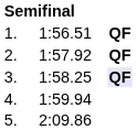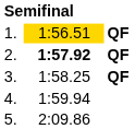 <table style="text-align:center">
 <tr>
 <td colspan=4 align=left><strong>Semifinal</strong></td>
 </tr>
 <tr>
 <td width-30>1.</td>
 <td align=left></td>
-<td width=80>1:56.51</td>
+<td width=80 style="background: gold;">1:56.51</td>
 <td><strong>QF</strong></td>
 </tr>
 <tr>
 <td>2.</td>
 <td align=left></td>
-<td>1:57.92</td>
+<td><strong>1:57.92</strong></td>
 <td><strong>QF</strong></td>
 </tr>
 <tr>
 <td>3.</td>
 <td align=left></td>
 <td>1:58.25</td>
-<td style="background: lavender;"><strong>QF</strong></td>
+<td><strong>QF</strong></td>
 </tr>
 <tr>
 <td>4.</td>
 <td align=left></td>
 <td>1:59.94</td>
 <td></td>
 </tr>
 <tr>
 <td>5.</td>
 <td align=left></td>
 <td>2:09.86</td>
 <td></td>
 </tr>
 </table>
